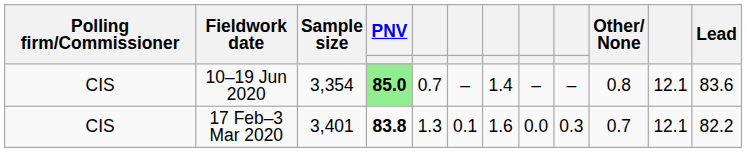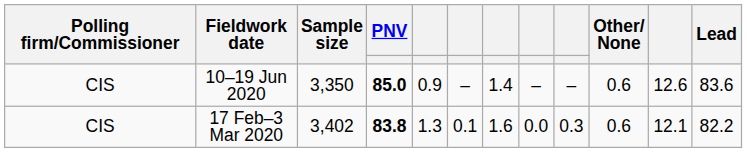 <table class="wikitable collapsible collapsed" style="text-align:center; font-size:90%; line-height:14px;">
 <tr style="height:42px;">
 <th style="width:250px;" rowspan="2">Polling firm/Commissioner</th>
 <th style="width:125px;" rowspan="2">Fieldwork date</th>
 <th style="width:50px;" rowspan="2">Sample size</th>
 <th style="width:35px;"><a href='#'>PNV</a></th>
 <th style="width:35px;"></th>
 <th style="width:35px;"></th>
 <th style="width:35px;"></th>
 <th style="width:35px;"></th>
 <th style="width:35px;"></th>
 <th style="width:35px;" rowspan="2">Other/<br>None</th>
 <th style="width:35px;" rowspan="2"></th>
 <th style="width:30px;" rowspan="2">Lead</th>
 </tr>
 <tr>
 <th style="color:inherit;background:"></th>
 <th style="color:inherit;background:"></th>
 <th style="color:inherit;background:"></th>
 <th style="color:inherit;background:"></th>
 <th style="color:inherit;background:"></th>
 <th style="color:inherit;background:"></th>
 </tr>
 <tr>
 <td>CIS</td>
 <td>10–19 Jun 2020</td>
-<td>3,354</td>
-<td style="background: lightgreen;"><strong>85.0</strong></td>
-<td>0.7</td>
+<td>3,350</td>
+<td><strong>85.0</strong></td>
+<td>0.9</td>
 <td>–</td>
 <td>1.4</td>
 <td>–</td>
 <td>–</td>
-<td>0.8</td>
-<td>12.1</td>
+<td>0.6</td>
+<td>12.6</td>
 <td style="background:">83.6</td>
 </tr>
 <tr>
 <td>CIS</td>
 <td>17 Feb–3 Mar 2020</td>
-<td>3,401</td>
+<td>3,402</td>
 <td><strong>83.8</strong></td>
 <td>1.3</td>
 <td>0.1</td>
 <td>1.6</td>
 <td>0.0</td>
 <td>0.3</td>
-<td>0.7</td>
+<td>0.6</td>
 <td>12.1</td>
 <td style="background:">82.2</td>
 </tr>
 </table>
